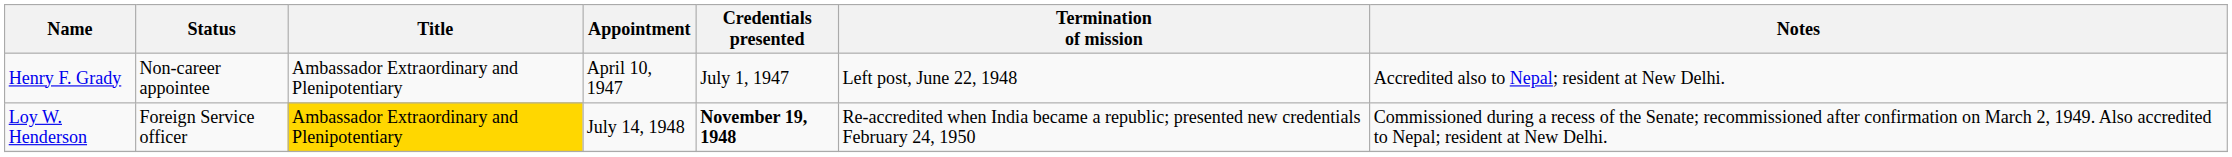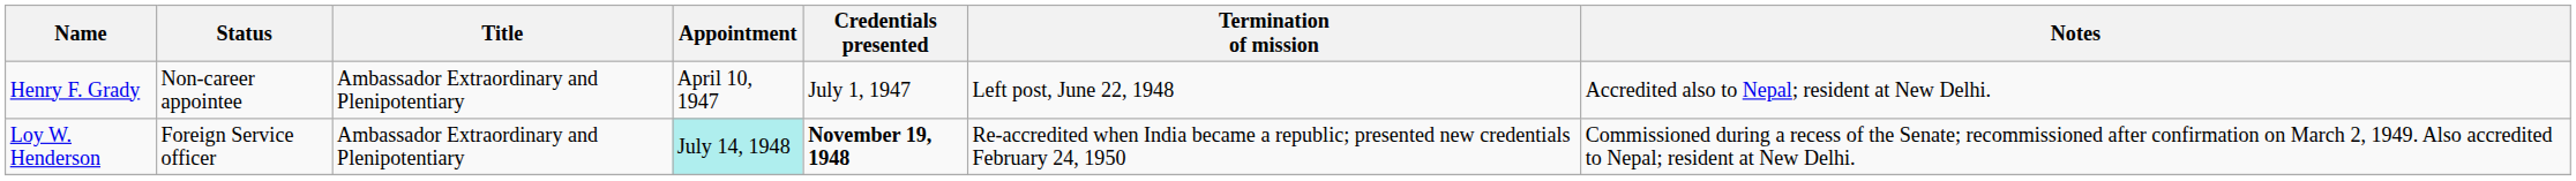 <table class="wikitable">
 <tr>
 <th>Name</th>
 <th>Status</th>
 <th>Title</th>
 <th>Appointment</th>
 <th>Credentials<br>presented</th>
 <th>Termination<br>of mission</th>
 <th>Notes</th>
 </tr>
 <tr>
 <td><a href='#'>Henry F. Grady</a></td>
 <td>Non-career appointee</td>
 <td>Ambassador Extraordinary and Plenipotentiary</td>
 <td>April 10, 1947</td>
 <td>July 1, 1947</td>
 <td>Left post, June 22, 1948</td>
 <td>Accredited also to <a href='#'>Nepal</a>; resident at New Delhi.</td>
 </tr>
 <tr>
 <td><a href='#'>Loy W. Henderson</a></td>
 <td>Foreign Service officer</td>
-<td style="background: gold;">Ambassador Extraordinary and Plenipotentiary</td>
-<td>July 14, 1948</td>
+<td>Ambassador Extraordinary and Plenipotentiary</td>
+<td style="background: paleturquoise;">July 14, 1948</td>
 <td><strong>November 19, 1948</strong></td>
 <td>Re-accredited when India became a republic; presented new credentials February 24, 1950</td>
 <td>Commissioned during a recess of the Senate; recommissioned after confirmation on March 2, 1949. Also accredited to Nepal; resident at New Delhi.</td>
 </tr>
 <tr>
 </tr>
 </table>
